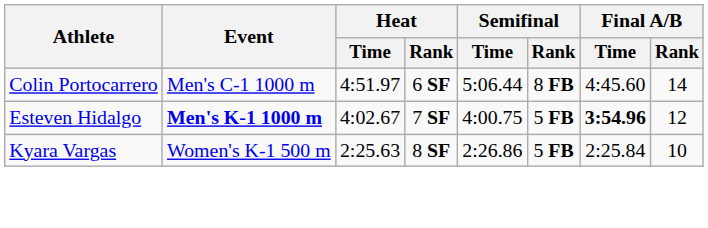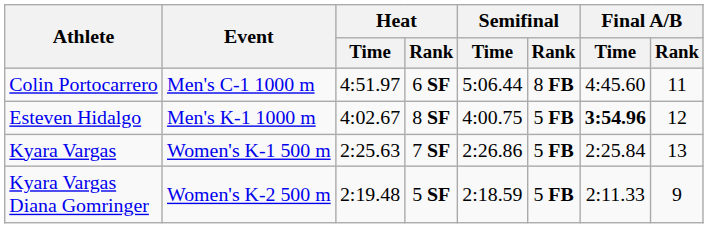 <table class=wikitable style=font-size:90%;text-align:center>
 <tr>
 <th rowspan=2>Athlete</th>
 <th rowspan=2>Event</th>
 <th colspan=2>Heat</th>
 <th colspan=2>Semifinal</th>
 <th colspan=2>Final A/B</th>
 </tr>
 <tr style=font-size:95%>
 <th>Time</th>
 <th>Rank</th>
 <th>Time</th>
 <th>Rank</th>
 <th>Time</th>
 <th>Rank</th>
 </tr>
 <tr>
 <td align=left><a href='#'>Colin Portocarrero</a></td>
 <td align=left><a href='#'>Men's C-1 1000 m</a></td>
 <td>4:51.97</td>
 <td>6 <strong>SF</strong></td>
 <td>5:06.44</td>
 <td>8 <strong>FB</strong></td>
 <td>4:45.60</td>
-<td>14</td>
+<td>11</td>
 </tr>
 <tr>
 <td align=left><a href='#'>Esteven Hidalgo</a></td>
-<td align=left><strong><a href='#'>Men's K-1 1000 m</a></strong></td>
+<td align=left><a href='#'>Men's K-1 1000 m</a></td>
 <td>4:02.67</td>
-<td>7 <strong>SF</strong></td>
+<td>8 <strong>SF</strong></td>
 <td>4:00.75</td>
 <td>5 <strong>FB</strong></td>
 <td><strong>3:54.96</strong></td>
 <td>12</td>
 </tr>
 <tr>
 <td align=left><a href='#'>Kyara Vargas</a></td>
 <td align=left><a href='#'>Women's K-1 500 m</a></td>
 <td>2:25.63</td>
-<td>8 <strong>SF</strong></td>
+<td>7 <strong>SF</strong></td>
 <td>2:26.86</td>
 <td>5 <strong>FB</strong></td>
 <td>2:25.84</td>
-<td>10</td>
+<td>13</td>
+</tr>
+<tr>
+<td align=left><a href='#'>Kyara Vargas</a>⁣<br><a href='#'>Diana Gomringer</a></td>
+<td align=left><a href='#'>Women's K-2 500 m</a></td>
+<td>2:19.48</td>
+<td>5 <strong>SF</strong></td>
+<td>2:18.59</td>
+<td>5 <strong>FB</strong></td>
+<td>2:11.33</td>
+<td>9</td>
 </tr>
 </table>
